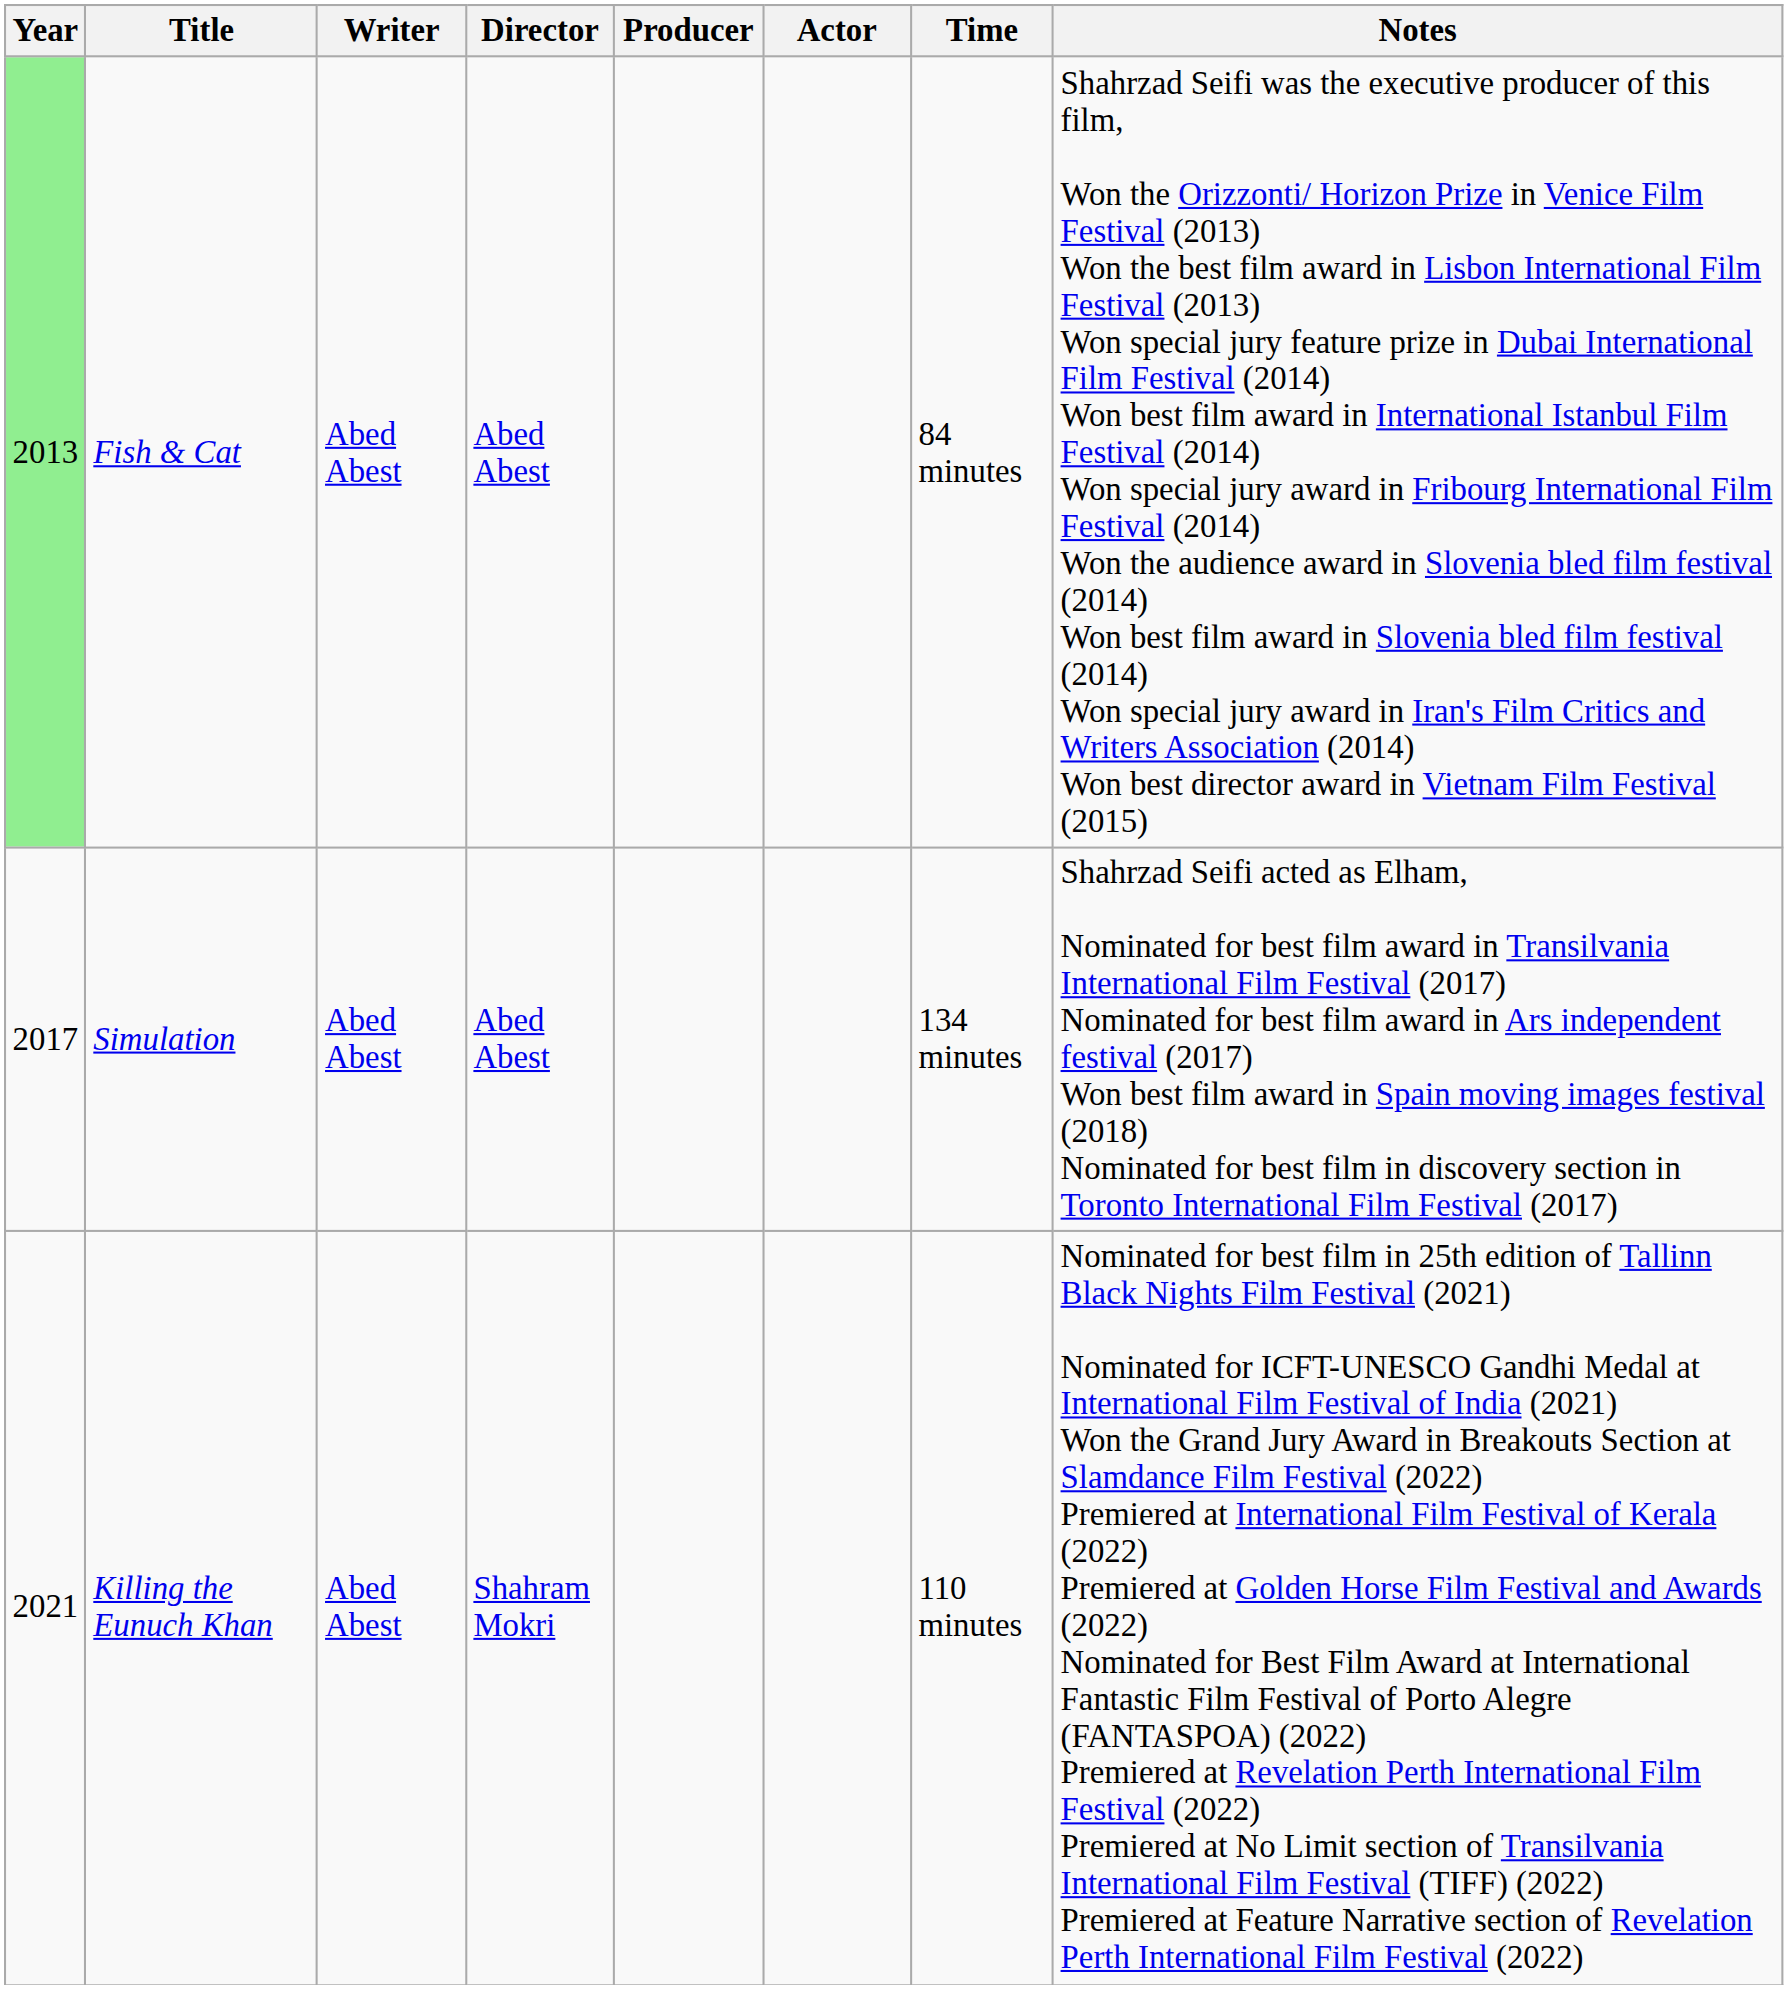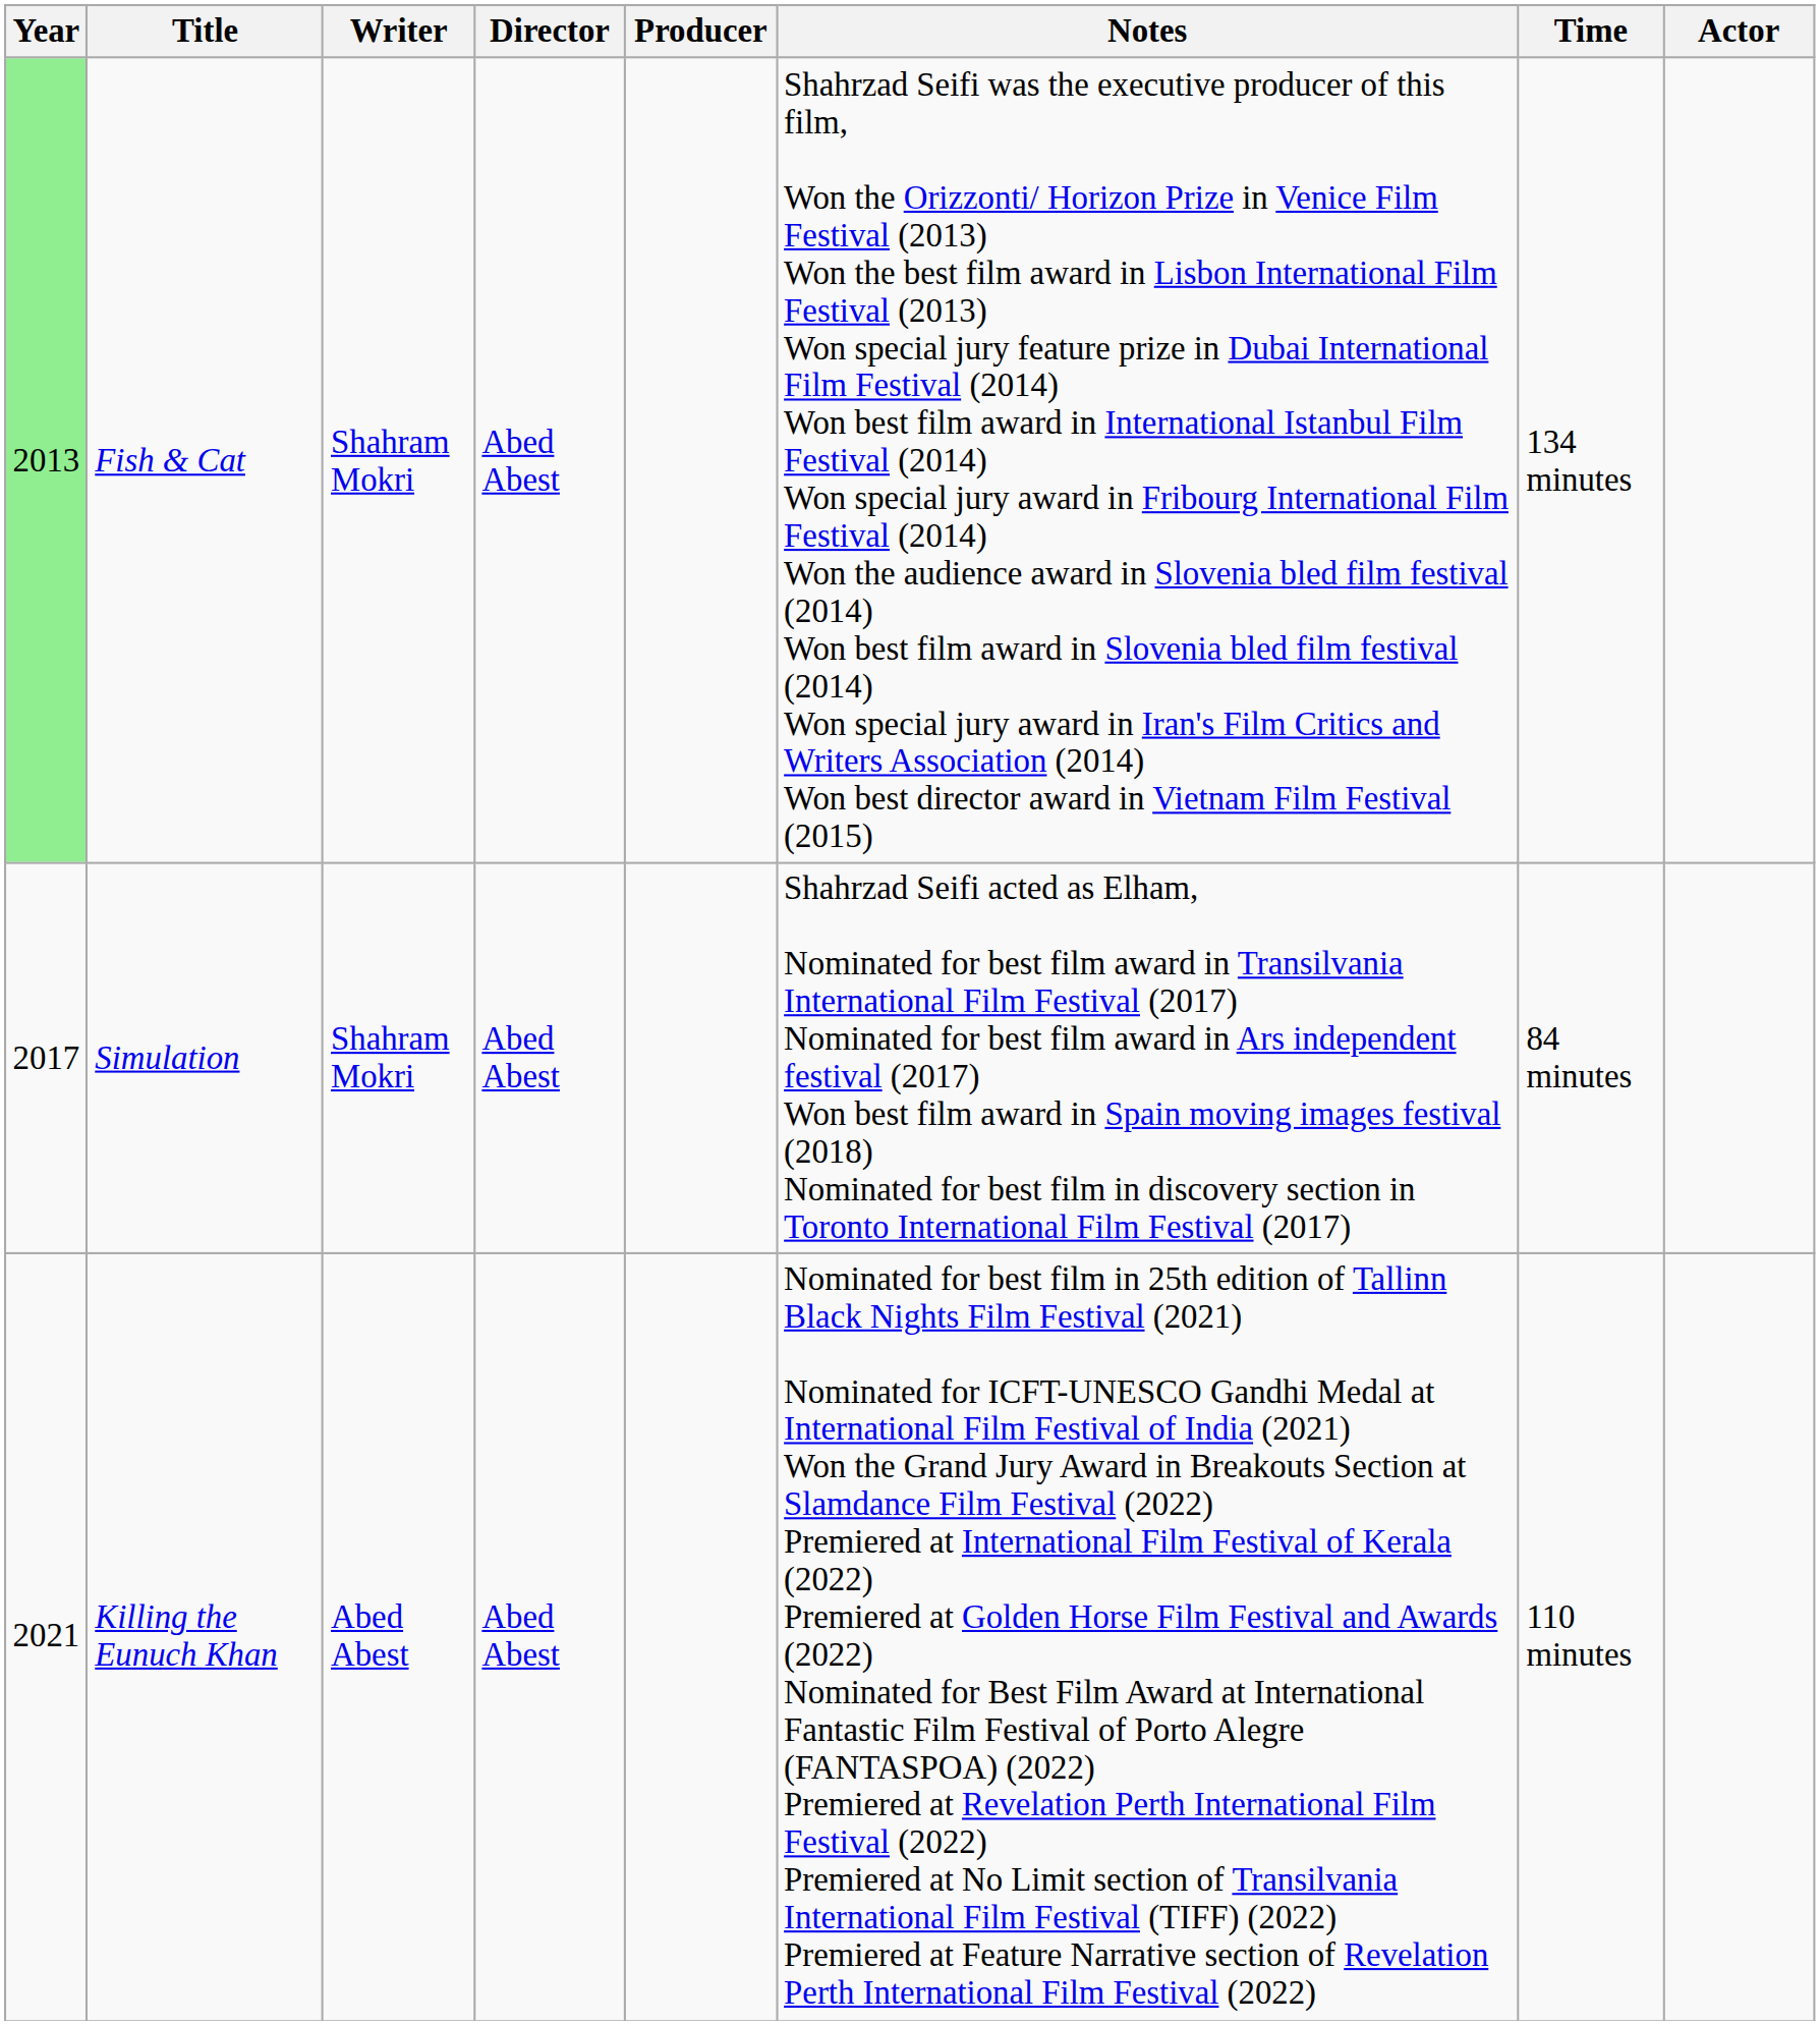 <table class="wikitable">
 <tr>
 <th>Year</th>
 <th>Title</th>
 <th width=65>Writer</th>
 <th width=65>Director</th>
 <th width=65>Producer</th>
+<th>Notes</th>
+<th>Time</th>
 <th width=65>Actor</th>
-<th>Time</th>
-<th>Notes</th>
 </tr>
 <tr>
 <td style="background: lightgreen;">2013</td>
 <td><em><a href='#'>Fish & Cat</a></em></td>
-<td><a href='#'>Abed Abest</a></td>
+<td><a href='#'>Shahram Mokri</a></td>
 <td><a href='#'>Abed Abest</a></td>
 <td></td>
+<td>Shahrzad Seifi was the executive producer of this film,<br><br>Won the <a href='#'>Orizzonti/ Horizon Prize</a> in <a href='#'>Venice Film Festival</a> (2013)  <br> Won the best film award in <a href='#'>Lisbon International Film Festival</a> (2013) <br> Won special jury feature prize in <a href='#'>Dubai International Film Festival</a> (2014)<br> Won best film award in <a href='#'>International Istanbul Film Festival</a> (2014)  <br> Won special jury award in <a href='#'>Fribourg International Film Festival</a> (2014) <br> Won the audience award in <a href='#'>Slovenia bled film festival</a> (2014) <br> Won best film award in <a href='#'>Slovenia bled film festival</a> (2014)  <br> Won special jury award in <a href='#'>Iran's Film Critics and Writers Association</a> (2014)<br> Won best director award in <a href='#'>Vietnam Film Festival</a> (2015) <br></td>
+<td>134 minutes</td>
 <td></td>
-<td>84 minutes</td>
-<td>Shahrzad Seifi was the executive producer of this film,<br><br>Won the <a href='#'>Orizzonti/ Horizon Prize</a> in <a href='#'>Venice Film Festival</a> (2013)  <br> Won the best film award in <a href='#'>Lisbon International Film Festival</a> (2013) <br> Won special jury feature prize in <a href='#'>Dubai International Film Festival</a> (2014)<br> Won best film award in <a href='#'>International Istanbul Film Festival</a> (2014)  <br> Won special jury award in <a href='#'>Fribourg International Film Festival</a> (2014) <br> Won the audience award in <a href='#'>Slovenia bled film festival</a> (2014) <br> Won best film award in <a href='#'>Slovenia bled film festival</a> (2014)  <br> Won special jury award in <a href='#'>Iran's Film Critics and Writers Association</a> (2014)<br> Won best director award in <a href='#'>Vietnam Film Festival</a> (2015) <br></td>
 </tr>
 <tr>
 <td>2017</td>
 <td><em><a href='#'>Simulation</a></em></td>
-<td><a href='#'>Abed Abest</a></td>
+<td><a href='#'>Shahram Mokri</a></td>
 <td><a href='#'>Abed Abest</a></td>
 <td></td>
+<td>Shahrzad Seifi acted as Elham,<br><br>Nominated for best film award in <a href='#'>Transilvania International Film Festival</a> (2017)  <br> Nominated for best film award in <a href='#'>Ars independent festival</a> (2017) <br> Won best film award in <a href='#'>Spain moving images festival</a> (2018)  <br> Nominated for best film in discovery section in <a href='#'>Toronto International Film Festival</a> (2017) </td>
+<td>84 minutes</td>
 <td></td>
-<td>134 minutes</td>
-<td>Shahrzad Seifi acted as Elham,<br><br>Nominated for best film award in <a href='#'>Transilvania International Film Festival</a> (2017)  <br> Nominated for best film award in <a href='#'>Ars independent festival</a> (2017) <br> Won best film award in <a href='#'>Spain moving images festival</a> (2018)  <br> Nominated for best film in discovery section in <a href='#'>Toronto International Film Festival</a> (2017) </td>
 </tr>
 <tr>
 <td>2021</td>
 <td><em><a href='#'>Killing the Eunuch Khan</a></em></td>
 <td><a href='#'>Abed Abest</a></td>
-<td><a href='#'>Shahram Mokri</a></td>
+<td><a href='#'>Abed Abest</a></td>
 <td></td>
+<td>Nominated for best film in 25th edition of <a href='#'>Tallinn Black Nights Film Festival</a> (2021) <br><br>Nominated for ICFT-UNESCO Gandhi Medal at <a href='#'>International Film Festival of India</a> (2021)<br>Won the Grand Jury Award in Breakouts Section at <a href='#'>Slamdance Film Festival</a> (2022)<br>Premiered at <a href='#'>International Film Festival of Kerala</a> (2022)<br>Premiered at <a href='#'>Golden Horse Film Festival and Awards</a> (2022)<br>Nominated for Best Film Award at International Fantastic Film Festival of Porto Alegre (FANTASPOA) (2022)<br>Premiered at <a href='#'>Revelation Perth International Film Festival</a> (2022)<br>Premiered at No Limit section of <a href='#'>Transilvania International Film Festival</a> (TIFF) (2022)<br>Premiered at Feature Narrative section of <a href='#'>Revelation Perth International Film Festival</a> (2022)</td>
+<td>110 minutes</td>
 <td></td>
-<td>110 minutes</td>
-<td>Nominated for best film in 25th edition of <a href='#'>Tallinn Black Nights Film Festival</a> (2021) <br><br>Nominated for ICFT-UNESCO Gandhi Medal at <a href='#'>International Film Festival of India</a> (2021)<br>Won the Grand Jury Award in Breakouts Section at <a href='#'>Slamdance Film Festival</a> (2022)<br>Premiered at <a href='#'>International Film Festival of Kerala</a> (2022)<br>Premiered at <a href='#'>Golden Horse Film Festival and Awards</a> (2022)<br>Nominated for Best Film Award at International Fantastic Film Festival of Porto Alegre (FANTASPOA) (2022)<br>Premiered at <a href='#'>Revelation Perth International Film Festival</a> (2022)<br>Premiered at No Limit section of <a href='#'>Transilvania International Film Festival</a> (TIFF) (2022)<br>Premiered at Feature Narrative section of <a href='#'>Revelation Perth International Film Festival</a> (2022)</td>
 </tr>
 </table>
